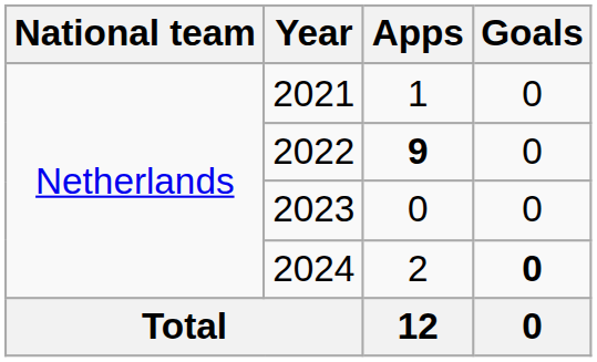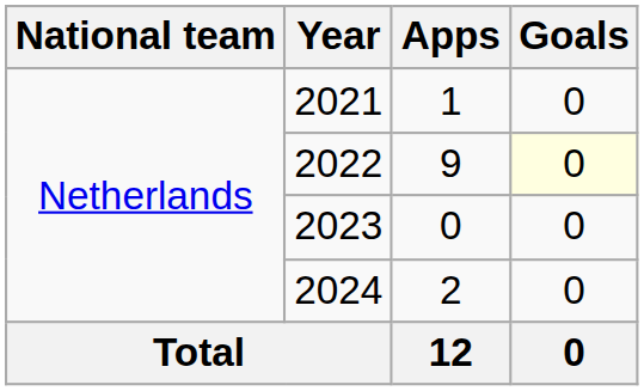 <table class="wikitable" style="text-align:center">
 <tr>
 <th>National team</th>
 <th>Year</th>
 <th>Apps</th>
 <th>Goals</th>
 </tr>
 <tr>
 <td rowspan="4"><a href='#'>Netherlands</a></td>
 <td>2021</td>
 <td>1</td>
 <td>0</td>
 </tr>
 <tr>
 <td>2022</td>
-<td><strong>9</strong></td>
-<td>0</td>
+<td>9</td>
+<td style="background: lightyellow;">0</td>
 </tr>
 <tr>
 <td>2023</td>
 <td>0</td>
 <td>0</td>
 </tr>
 <tr>
 <td>2024</td>
 <td>2</td>
-<td><strong>0</strong></td>
+<td>0</td>
 </tr>
 <tr>
 <th colspan="2">Total</th>
 <th>12</th>
 <th>0</th>
 </tr>
 </table>
